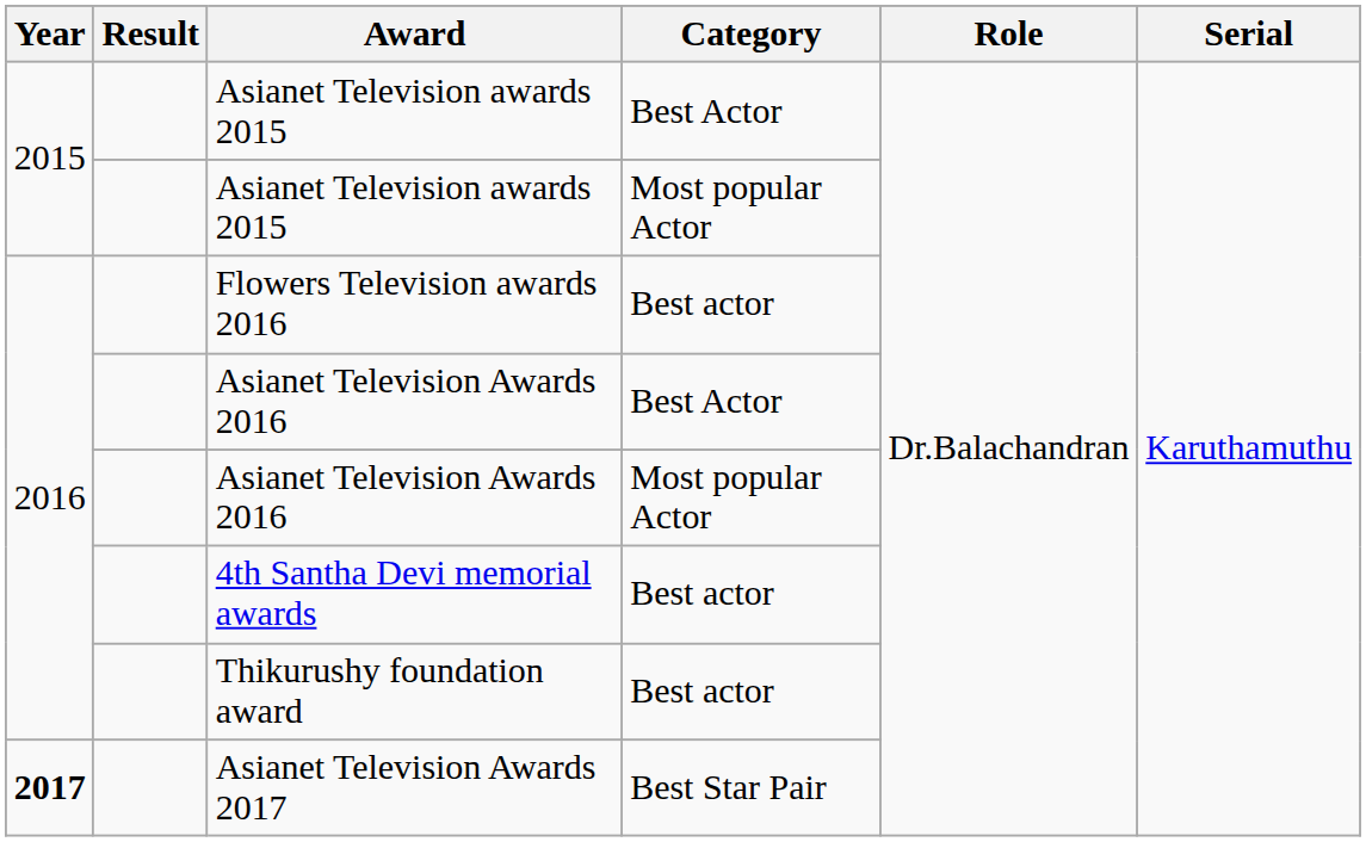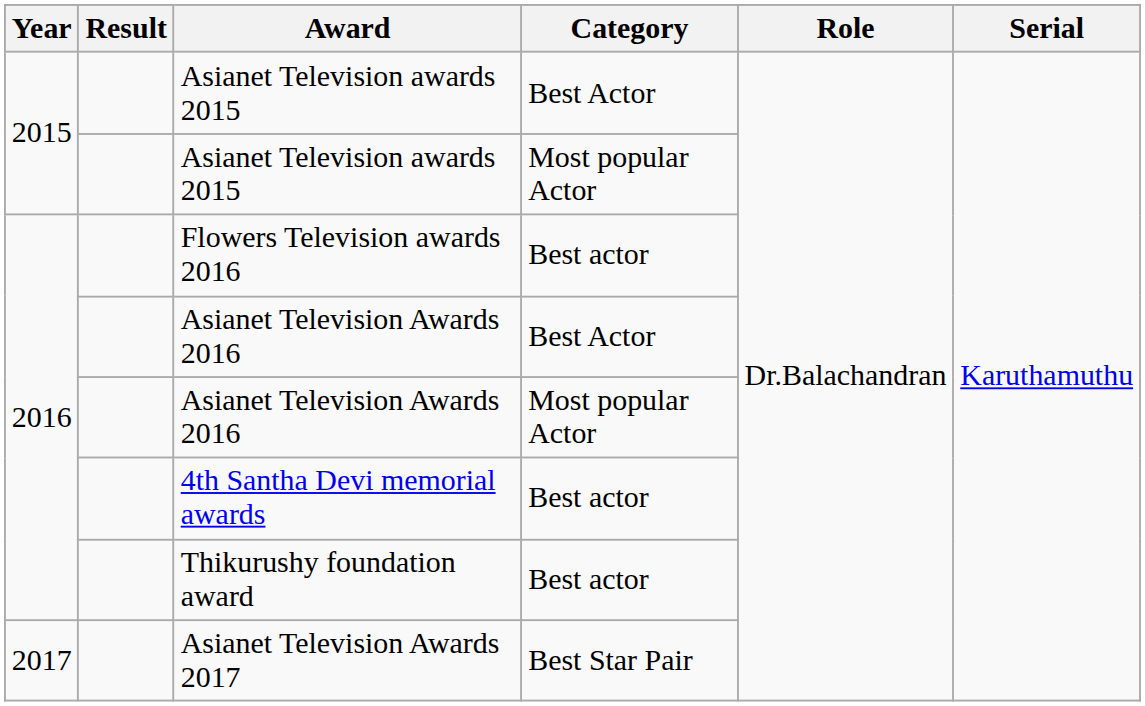 <table class="wikitable">
 <tr>
 <th>Year</th>
 <th>Result</th>
 <th>Award</th>
 <th>Category</th>
 <th>Role</th>
 <th>Serial</th>
 </tr>
 <tr>
 <td rowspan=2>2015</td>
 <td></td>
 <td>Asianet Television awards 2015</td>
 <td>Best Actor</td>
 <td rowspan=8>Dr.Balachandran</td>
 <td rowspan=8><a href='#'>Karuthamuthu</a></td>
 </tr>
 <tr>
 <td></td>
 <td>Asianet Television awards 2015</td>
 <td>Most popular Actor</td>
 </tr>
 <tr>
 <td rowspan=5>2016</td>
 <td></td>
 <td>Flowers Television awards 2016</td>
 <td>Best actor</td>
 </tr>
 <tr>
 <td></td>
 <td>Asianet Television Awards 2016</td>
 <td>Best Actor</td>
 </tr>
 <tr>
 <td></td>
 <td>Asianet Television Awards 2016</td>
 <td>Most popular Actor</td>
 </tr>
 <tr>
 <td></td>
 <td><a href='#'>4th Santha Devi memorial awards</a></td>
 <td>Best actor</td>
 </tr>
 <tr>
 <td></td>
 <td>Thikurushy foundation award</td>
 <td>Best actor</td>
 </tr>
 <tr>
-<td><strong>2017</strong></td>
+<td>2017</td>
 <td></td>
 <td>Asianet Television Awards 2017</td>
 <td>Best Star Pair</td>
 </tr>
 </table>
